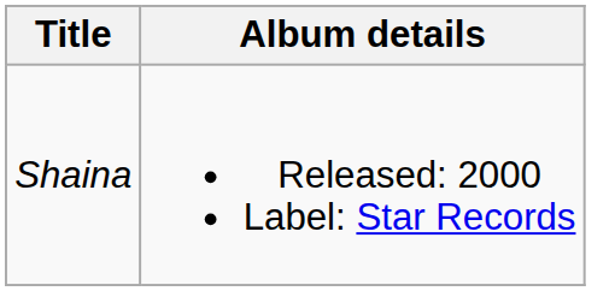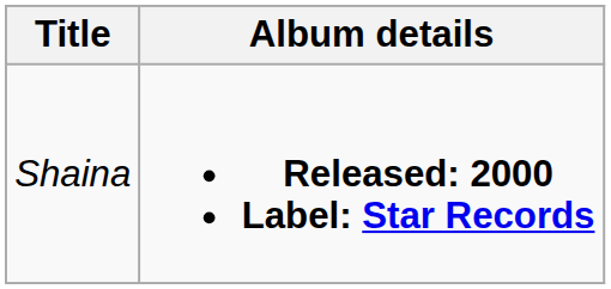 <table class="wikitable plainrowheaders" style="text-align:center;">
 <tr>
 <th scope="col">Title</th>
 <th scope="col">Album details</th>
 </tr>
 <tr>
 <td><em>Shaina</em></td>
-<td><br><ul><li>Released: 2000</li><li>Label: <a href='#'>Star Records</a></li></ul></td>
+<td><strong><br><ul><li>Released: 2000</li><li>Label: <a href='#'>Star Records</a></li></ul></strong></td>
 </tr>
 </table>
